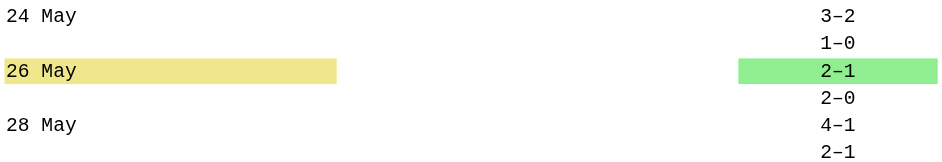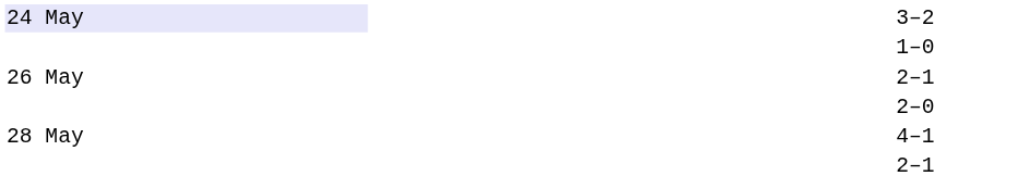 <table cellspacing=1 width=70%>
 <tr>
 <th width=25%></th>
 <th width=30%></th>
 <th width=15%></th>
 <th width=30%></th>
 </tr>
 <tr>
-<td>24 May</td>
+<td style="background: lavender;">24 May</td>
 <td align=right></td>
 <td align=center>3–2</td>
 <td></td>
 </tr>
 <tr>
 <td></td>
 <td align=right></td>
 <td align=center>1–0</td>
 <td></td>
 </tr>
 <tr>
-<td style="background: khaki;">26 May</td>
+<td>26 May</td>
 <td align=right></td>
-<td align=center style="background: lightgreen;">2–1</td>
+<td align=center>2–1</td>
 <td></td>
 </tr>
 <tr>
 <td></td>
 <td align=right></td>
 <td align=center>2–0</td>
 <td></td>
 </tr>
 <tr>
 <td>28 May</td>
 <td align=right></td>
 <td align=center>4–1</td>
 <td></td>
 </tr>
 <tr>
 <td></td>
 <td align=right></td>
 <td align=center>2–1</td>
 <td></td>
 </tr>
 </table>
